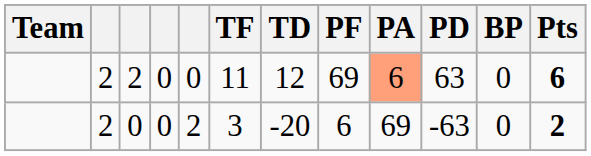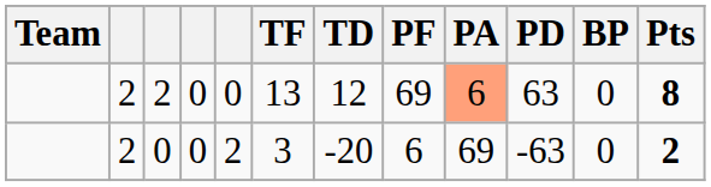 <table class="wikitable" style="text-align: center;">
 <tr>
 <th>Team</th>
 <th></th>
 <th></th>
 <th></th>
 <th></th>
 <th>TF</th>
 <th>TD</th>
 <th>PF</th>
 <th>PA</th>
 <th>PD</th>
 <th>BP</th>
 <th>Pts</th>
 </tr>
 <tr>
 <td align="left"></td>
 <td>2</td>
 <td>2</td>
 <td>0</td>
 <td>0</td>
-<td>11</td>
+<td>13</td>
 <td>12</td>
 <td>69</td>
 <td style="background: lightsalmon;">6</td>
 <td>63</td>
 <td>0</td>
-<td><strong>6</strong></td>
+<td><strong>8</strong></td>
 </tr>
 <tr>
 <td align="left"></td>
 <td>2</td>
 <td>0</td>
 <td>0</td>
 <td>2</td>
 <td>3</td>
 <td>-20</td>
 <td>6</td>
 <td>69</td>
 <td>-63</td>
 <td>0</td>
 <td><strong>2</strong></td>
 </tr>
 </table>
